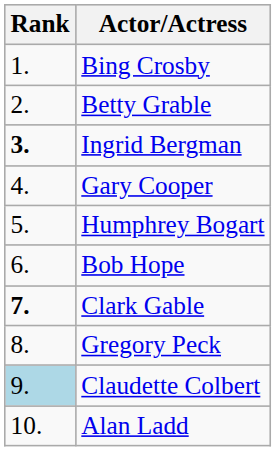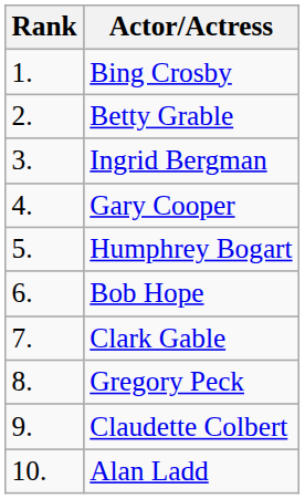 <table class="wikitable">
 <tr>
 <th>Rank</th>
 <th>Actor/Actress</th>
 </tr>
 <tr>
 <td>1.</td>
 <td><a href='#'>Bing Crosby</a></td>
 </tr>
 <tr>
 <td>2.</td>
 <td><a href='#'>Betty Grable</a></td>
 </tr>
 <tr>
-<td><strong>3.</strong></td>
+<td>3.</td>
 <td><a href='#'>Ingrid Bergman</a></td>
 </tr>
 <tr>
 <td>4.</td>
 <td><a href='#'>Gary Cooper</a></td>
 </tr>
 <tr>
 <td>5.</td>
 <td><a href='#'>Humphrey Bogart</a></td>
 </tr>
 <tr>
 <td>6.</td>
 <td><a href='#'>Bob Hope</a></td>
 </tr>
 <tr>
-<td><strong>7.</strong></td>
+<td>7.</td>
 <td><a href='#'>Clark Gable</a></td>
 </tr>
 <tr>
 <td>8.</td>
 <td><a href='#'>Gregory Peck</a></td>
 </tr>
 <tr>
-<td style="background: lightblue;">9.</td>
+<td>9.</td>
 <td><a href='#'>Claudette Colbert</a></td>
 </tr>
 <tr>
 <td>10.</td>
 <td><a href='#'>Alan Ladd</a></td>
 </tr>
 </table>
